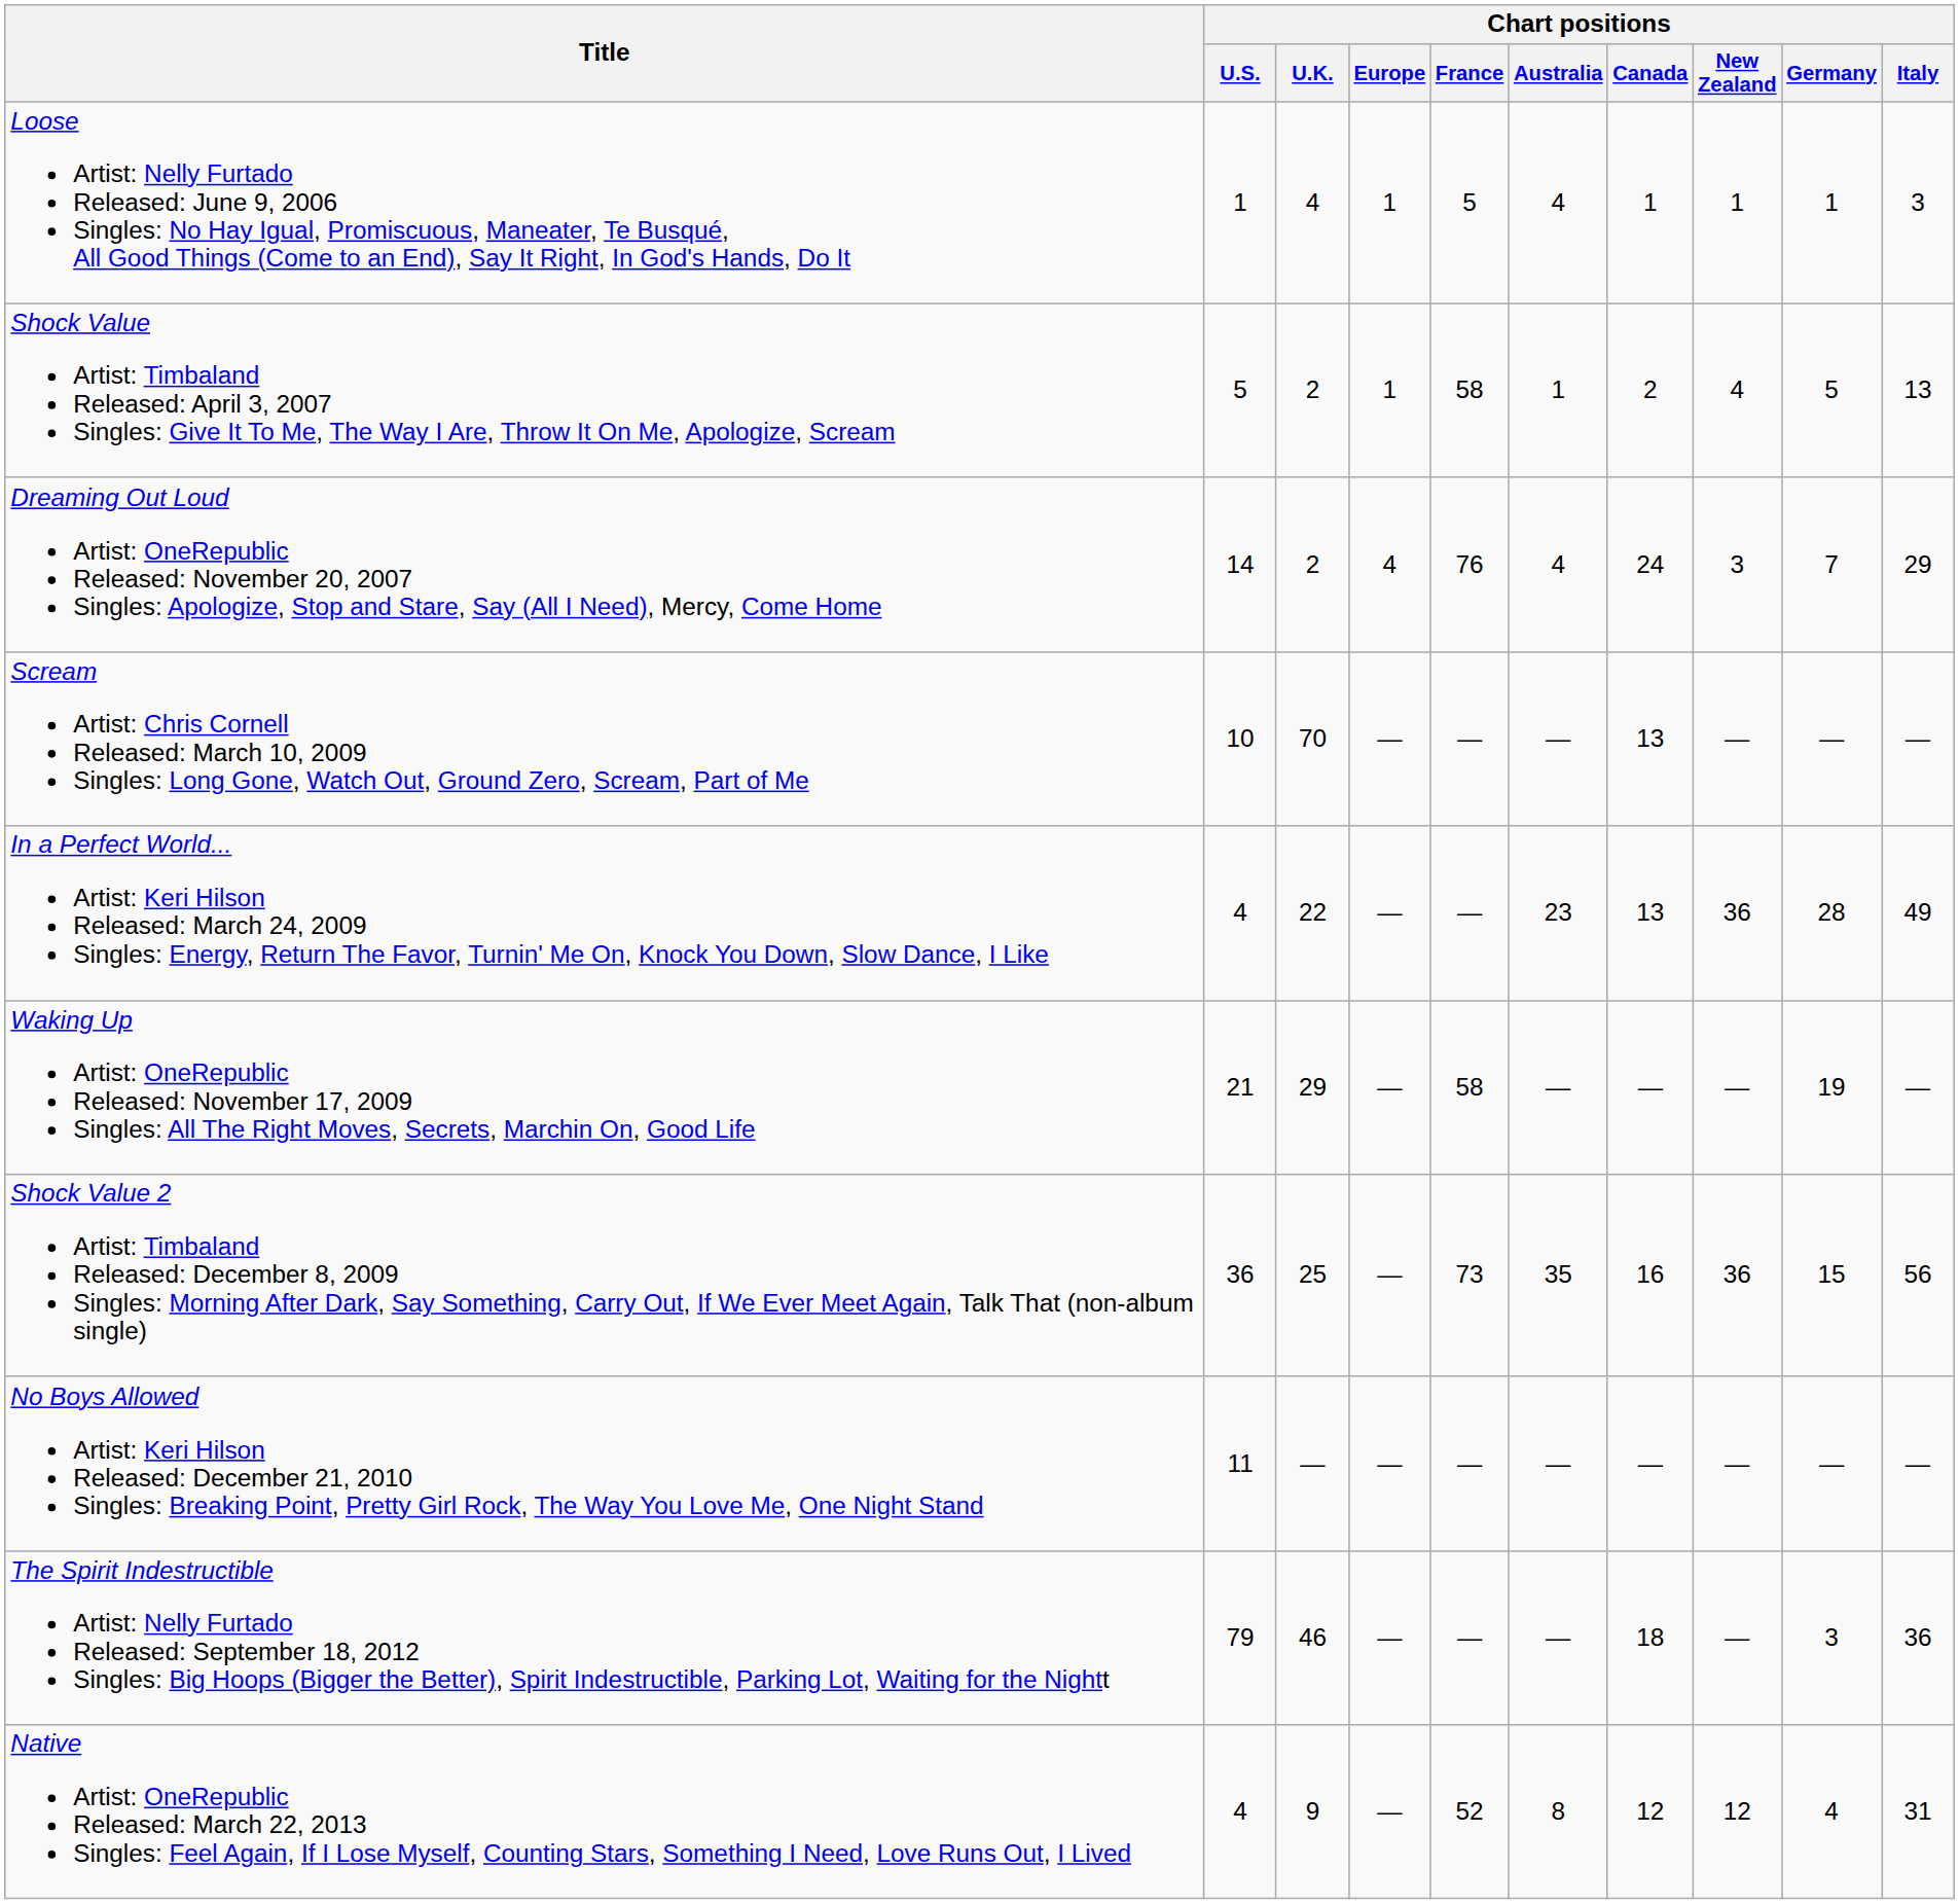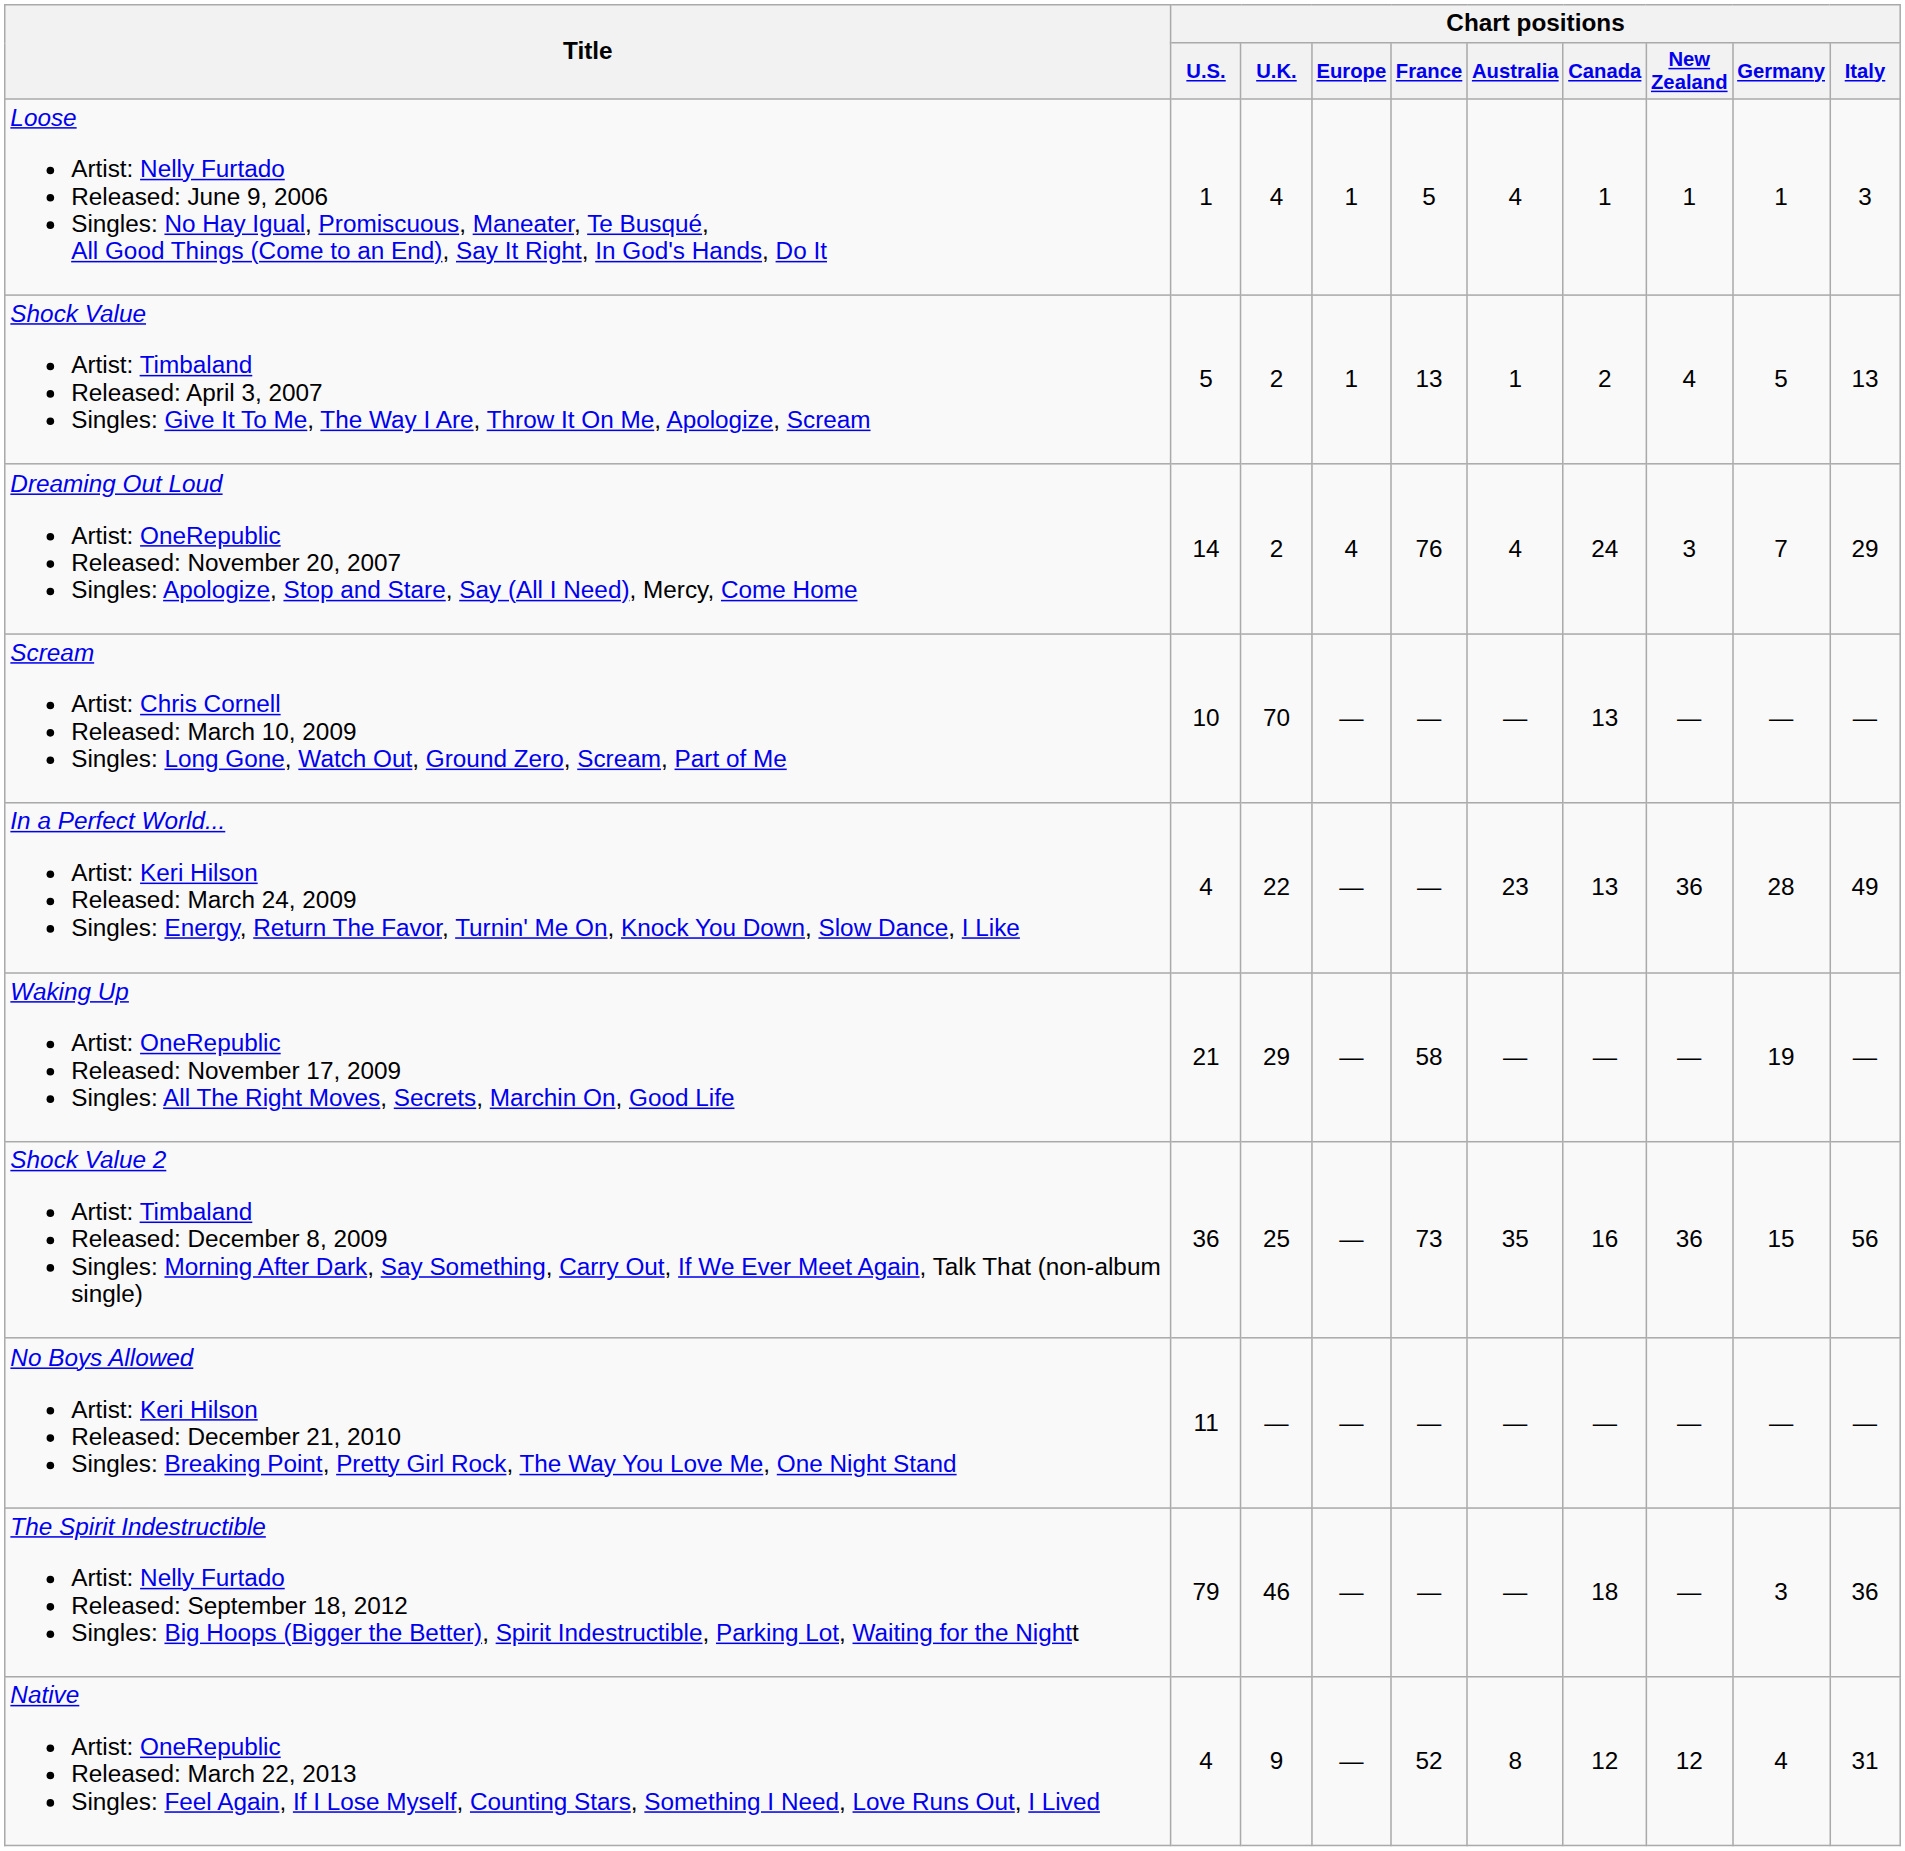 <table class="wikitable">
 <tr>
 <th rowspan="2">Title</th>
 <th style="width:250px;" colspan="9">Chart positions</th>
 </tr>
 <tr>
 <th style="width:40px; font-size:smaller;"><a href='#'>U.S.</a></th>
 <th style="width:40px; font-size:smaller;"><a href='#'>U.K.</a></th>
 <th style="width:40px; font-size:smaller;"><a href='#'>Europe</a></th>
 <th style="width:40px; font-size:smaller;"><a href='#'>France</a></th>
 <th style="width:40px; font-size:smaller;"><a href='#'>Australia</a></th>
 <th style="width:40px; font-size:smaller;"><a href='#'>Canada</a></th>
 <th style="width:40px; font-size:smaller;"><a href='#'>New Zealand</a></th>
 <th style="width:40px; font-size:smaller;"><a href='#'>Germany</a></th>
 <th style="width:40px; font-size:smaller;"><a href='#'>Italy</a></th>
 </tr>
 <tr>
 <td><em><a href='#'>Loose</a></em><br><ul><li>Artist: <a href='#'>Nelly Furtado</a></li><li>Released: June 9, 2006</li><li>Singles: <a href='#'>No Hay Igual</a>, <a href='#'>Promiscuous</a>, <a href='#'>Maneater</a>, <a href='#'>Te Busqué</a>, <br><a href='#'>All Good Things (Come to an End)</a>, <a href='#'>Say It Right</a>, <a href='#'>In God's Hands</a>, <a href='#'>Do It</a></li></ul></td>
 <td style="text-align:center;">1</td>
 <td style="text-align:center;">4</td>
 <td style="text-align:center;">1</td>
 <td style="text-align:center;">5</td>
 <td style="text-align:center;">4</td>
 <td style="text-align:center;">1</td>
 <td style="text-align:center;">1</td>
 <td style="text-align:center;">1</td>
 <td style="text-align:center;">3</td>
 </tr>
 <tr>
 <td><em><a href='#'>Shock Value</a></em><br><ul><li>Artist: <a href='#'>Timbaland</a></li><li>Released: April 3, 2007</li><li>Singles: <a href='#'>Give It To Me</a>, <a href='#'>The Way I Are</a>, <a href='#'>Throw It On Me</a>, <a href='#'>Apologize</a>, <a href='#'>Scream</a></li></ul></td>
 <td style="text-align:center;">5</td>
 <td style="text-align:center;">2</td>
 <td style="text-align:center;">1</td>
-<td style="text-align:center;">58</td>
+<td style="text-align:center;">13</td>
 <td style="text-align:center;">1</td>
 <td style="text-align:center;">2</td>
 <td style="text-align:center;">4</td>
 <td style="text-align:center;">5</td>
 <td style="text-align:center;">13</td>
 </tr>
 <tr>
 <td><em><a href='#'>Dreaming Out Loud</a></em><br><ul><li>Artist: <a href='#'>OneRepublic</a></li><li>Released: November 20, 2007</li><li>Singles: <a href='#'>Apologize</a>, <a href='#'>Stop and Stare</a>, <a href='#'>Say (All I Need)</a>, Mercy, <a href='#'>Come Home</a></li></ul></td>
 <td style="text-align:center;">14</td>
 <td style="text-align:center;">2</td>
 <td style="text-align:center;">4</td>
 <td style="text-align:center;">76</td>
 <td style="text-align:center;">4</td>
 <td style="text-align:center;">24</td>
 <td style="text-align:center;">3</td>
 <td style="text-align:center;">7</td>
 <td style="text-align:center;">29</td>
 </tr>
 <tr>
 <td><em><a href='#'>Scream</a></em><br><ul><li>Artist: <a href='#'>Chris Cornell</a></li><li>Released: March 10, 2009</li><li>Singles: <a href='#'>Long Gone</a>, <a href='#'>Watch Out</a>, <a href='#'>Ground Zero</a>, <a href='#'>Scream</a>, <a href='#'>Part of Me</a></li></ul></td>
 <td style="text-align:center;">10</td>
 <td style="text-align:center;">70</td>
 <td style="text-align:center;">—</td>
 <td style="text-align:center;">—</td>
 <td style="text-align:center;">—</td>
 <td style="text-align:center;">13</td>
 <td style="text-align:center;">—</td>
 <td style="text-align:center;">—</td>
 <td style="text-align:center;">—</td>
 </tr>
 <tr>
 <td><em><a href='#'>In a Perfect World...</a></em><br><ul><li>Artist: <a href='#'>Keri Hilson</a></li><li>Released: March 24, 2009</li><li>Singles: <a href='#'>Energy</a>, <a href='#'>Return The Favor</a>, <a href='#'>Turnin' Me On</a>, <a href='#'>Knock You Down</a>, <a href='#'>Slow Dance</a>, <a href='#'>I Like</a></li></ul></td>
 <td style="text-align:center;">4</td>
 <td style="text-align:center;">22</td>
 <td style="text-align:center;">—</td>
 <td style="text-align:center;">—</td>
 <td style="text-align:center;">23</td>
 <td style="text-align:center;">13</td>
 <td style="text-align:center;">36</td>
 <td style="text-align:center;">28</td>
 <td style="text-align:center;">49</td>
 </tr>
 <tr>
 <td><em><a href='#'>Waking Up</a></em><br><ul><li>Artist: <a href='#'>OneRepublic</a></li><li>Released: November 17, 2009</li><li>Singles: <a href='#'>All The Right Moves</a>, <a href='#'>Secrets</a>, <a href='#'>Marchin On</a>, <a href='#'>Good Life</a></li></ul></td>
 <td style="text-align:center;">21</td>
 <td style="text-align:center;">29</td>
 <td style="text-align:center;">—</td>
 <td style="text-align:center;">58</td>
 <td style="text-align:center;">—</td>
 <td style="text-align:center;">—</td>
 <td style="text-align:center;">—</td>
 <td style="text-align:center;">19</td>
 <td style="text-align:center;">—</td>
 </tr>
 <tr>
 <td><em><a href='#'>Shock Value 2</a></em><br><ul><li>Artist: <a href='#'>Timbaland</a></li><li>Released: December 8, 2009</li><li>Singles: <a href='#'>Morning After Dark</a>, <a href='#'>Say Something</a>, <a href='#'>Carry Out</a>, <a href='#'>If We Ever Meet Again</a>, Talk That (non-album single)</li></ul></td>
 <td style="text-align:center;">36</td>
 <td style="text-align:center;">25</td>
 <td style="text-align:center;">—</td>
 <td style="text-align:center;">73</td>
 <td style="text-align:center;">35</td>
 <td style="text-align:center;">16</td>
 <td style="text-align:center;">36</td>
 <td style="text-align:center;">15</td>
 <td style="text-align:center;">56</td>
 </tr>
 <tr>
 <td><em><a href='#'>No Boys Allowed</a></em><br><ul><li>Artist: <a href='#'>Keri Hilson</a></li><li>Released: December 21, 2010</li><li>Singles: <a href='#'>Breaking Point</a>, <a href='#'>Pretty Girl Rock</a>, <a href='#'>The Way You Love Me</a>, <a href='#'>One Night Stand</a></li></ul></td>
 <td style="text-align:center;">11</td>
 <td style="text-align:center;">—</td>
 <td style="text-align:center;">—</td>
 <td style="text-align:center;">—</td>
 <td style="text-align:center;">—</td>
 <td style="text-align:center;">—</td>
 <td style="text-align:center;">—</td>
 <td style="text-align:center;">—</td>
 <td style="text-align:center;">—</td>
 </tr>
 <tr>
 <td><em><a href='#'>The Spirit Indestructible</a></em><br><ul><li>Artist: <a href='#'>Nelly Furtado</a></li><li>Released: September 18, 2012</li><li>Singles: <a href='#'>Big Hoops (Bigger the Better)</a>, <a href='#'>Spirit Indestructible</a>, <a href='#'>Parking Lot</a>, <a href='#'>Waiting for the Night</a>t</li></ul></td>
 <td style="text-align:center;">79</td>
 <td style="text-align:center;">46</td>
 <td style="text-align:center;">—</td>
 <td style="text-align:center;">—</td>
 <td style="text-align:center;">—</td>
 <td style="text-align:center;">18</td>
 <td style="text-align:center;">—</td>
 <td style="text-align:center;">3</td>
 <td style="text-align:center;">36</td>
 </tr>
 <tr>
 <td><em><a href='#'>Native</a></em><br><ul><li>Artist: <a href='#'>OneRepublic</a></li><li>Released: March 22, 2013</li><li>Singles: <a href='#'>Feel Again</a>, <a href='#'>If I Lose Myself</a>, <a href='#'>Counting Stars</a>, <a href='#'>Something I Need</a>, <a href='#'>Love Runs Out</a>, <a href='#'>I Lived</a></li></ul></td>
 <td style="text-align:center;">4</td>
 <td style="text-align:center;">9</td>
 <td style="text-align:center;">—</td>
 <td style="text-align:center;">52</td>
 <td style="text-align:center;">8</td>
 <td style="text-align:center;">12</td>
 <td style="text-align:center;">12</td>
 <td style="text-align:center;">4</td>
 <td style="text-align:center;">31</td>
 </tr>
 </table>
